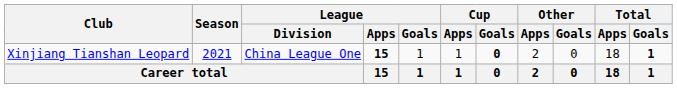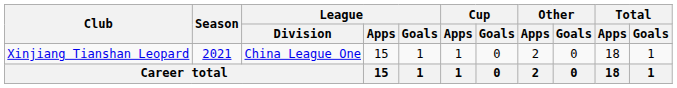 <table class=wikitable style=text-align:center>
 <tr>
 <th rowspan="2">Club</th>
 <th rowspan="2">Season</th>
 <th colspan="3">League</th>
 <th colspan="2">Cup</th>
 <th colspan="2">Other</th>
 <th colspan="2">Total</th>
 </tr>
 <tr>
 <th>Division</th>
 <th>Apps</th>
 <th>Goals</th>
 <th>Apps</th>
 <th>Goals</th>
 <th>Apps</th>
 <th>Goals</th>
 <th>Apps</th>
 <th>Goals</th>
 </tr>
 <tr>
 <td><a href='#'>Xinjiang Tianshan Leopard</a></td>
 <td><a href='#'>2021</a></td>
 <td><a href='#'>China League One</a></td>
-<td><strong>15</strong></td>
+<td>15</td>
 <td>1</td>
 <td>1</td>
-<td><strong>0</strong></td>
+<td>0</td>
 <td>2</td>
 <td>0</td>
 <td>18</td>
-<td><strong>1</strong></td>
+<td>1</td>
 </tr>
 <tr>
 <th colspan=3>Career total</th>
 <th>15</th>
 <th>1</th>
 <th>1</th>
 <th>0</th>
 <th>2</th>
 <th>0</th>
 <th>18</th>
 <th>1</th>
 </tr>
 </table>
